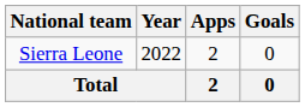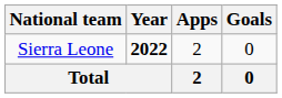 <table class=wikitable style=text-align:center>
 <tr>
 <th>National team</th>
 <th>Year</th>
 <th>Apps</th>
 <th>Goals</th>
 </tr>
 <tr>
 <td rowspan="1"><a href='#'>Sierra Leone</a></td>
-<td>2022</td>
+<td><strong>2022</strong></td>
 <td>2</td>
 <td>0</td>
 </tr>
 <tr>
 <th colspan="2">Total</th>
 <th>2</th>
 <th>0</th>
 </tr>
 </table>
